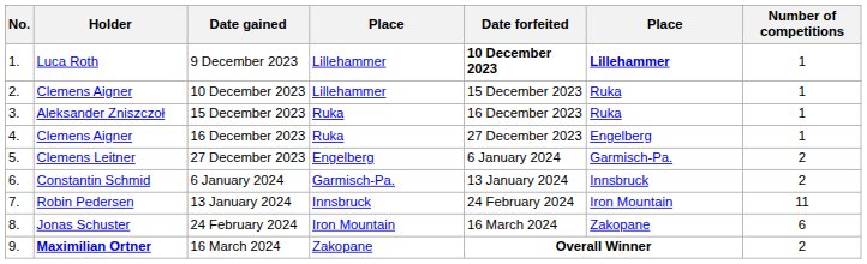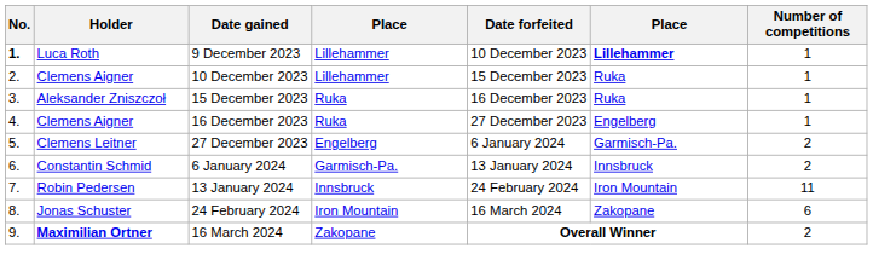 <table class="wikitable plainrowheaders" style="background:#fff; font-size:86%; line-height:16px; border:grey solid 1px; border-collapse:collapse;">
 <tr>
 <th style="width:1em;">No.</th>
 <th style="width:13em;">Holder</th>
 <th style="width:10em;">Date gained</th>
 <th style="width:13em;">Place</th>
 <th style="width:10em;">Date forfeited</th>
 <th style="width:13em;">Place</th>
 <th style="width:9em;">Number of competitions</th>
 </tr>
 <tr>
-<td>1.</td>
+<td><strong>1.</strong></td>
 <td> <a href='#'>Luca Roth</a></td>
 <td>9 December 2023</td>
 <td> <a href='#'>Lillehammer</a></td>
-<td><strong>10 December 2023</strong></td>
+<td>10 December 2023</td>
 <td><strong> <a href='#'>Lillehammer</a></strong></td>
 <td align=center>1</td>
 </tr>
 <tr>
 <td>2.</td>
 <td> <a href='#'>Clemens Aigner</a></td>
 <td>10 December 2023</td>
 <td> <a href='#'>Lillehammer</a></td>
 <td>15 December 2023</td>
 <td> <a href='#'>Ruka</a></td>
 <td align=center>1</td>
 </tr>
 <tr>
 <td>3.</td>
 <td> <a href='#'>Aleksander Zniszczoł</a></td>
 <td>15 December 2023</td>
 <td> <a href='#'>Ruka</a></td>
 <td>16 December 2023</td>
 <td> <a href='#'>Ruka</a></td>
 <td align=center>1</td>
 </tr>
 <tr>
 <td>4.</td>
 <td> <a href='#'>Clemens Aigner</a></td>
 <td>16 December 2023</td>
 <td> <a href='#'>Ruka</a></td>
 <td>27 December 2023</td>
 <td> <a href='#'>Engelberg</a></td>
 <td align=center>1</td>
 </tr>
 <tr>
 <td>5.</td>
 <td> <a href='#'>Clemens Leitner</a></td>
 <td>27 December 2023</td>
 <td> <a href='#'>Engelberg</a></td>
 <td>6 January 2024</td>
 <td> <a href='#'>Garmisch-Pa.</a></td>
 <td align=center>2</td>
 </tr>
 <tr>
 <td>6.</td>
 <td> <a href='#'>Constantin Schmid</a></td>
 <td>6 January 2024</td>
 <td> <a href='#'>Garmisch-Pa.</a></td>
 <td>13 January 2024</td>
 <td> <a href='#'>Innsbruck</a></td>
 <td align=center>2</td>
 </tr>
 <tr>
 <td>7.</td>
 <td> <a href='#'>Robin Pedersen</a></td>
 <td>13 January 2024</td>
 <td> <a href='#'>Innsbruck</a></td>
 <td>24 February 2024</td>
 <td> <a href='#'>Iron Mountain</a></td>
 <td align=center>11</td>
 </tr>
 <tr>
 <td>8.</td>
 <td> <a href='#'>Jonas Schuster</a></td>
 <td>24 February 2024</td>
 <td> <a href='#'>Iron Mountain</a></td>
 <td>16 March 2024</td>
 <td> <a href='#'>Zakopane</a></td>
 <td align=center>6</td>
 </tr>
 <tr>
 <td>9.</td>
 <td> <strong><a href='#'>Maximilian Ortner</a></strong></td>
 <td>16 March 2024</td>
 <td> <a href='#'>Zakopane</a></td>
 <td align=center colspan=2><strong>Overall Winner</strong></td>
 <td align=center>2</td>
 </tr>
 </table>
